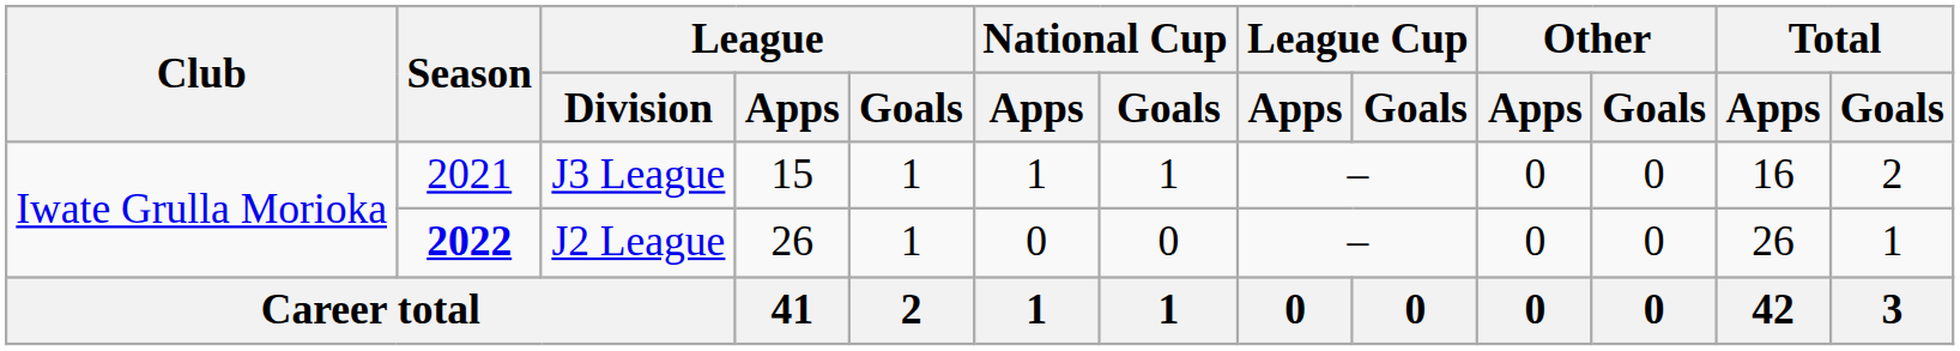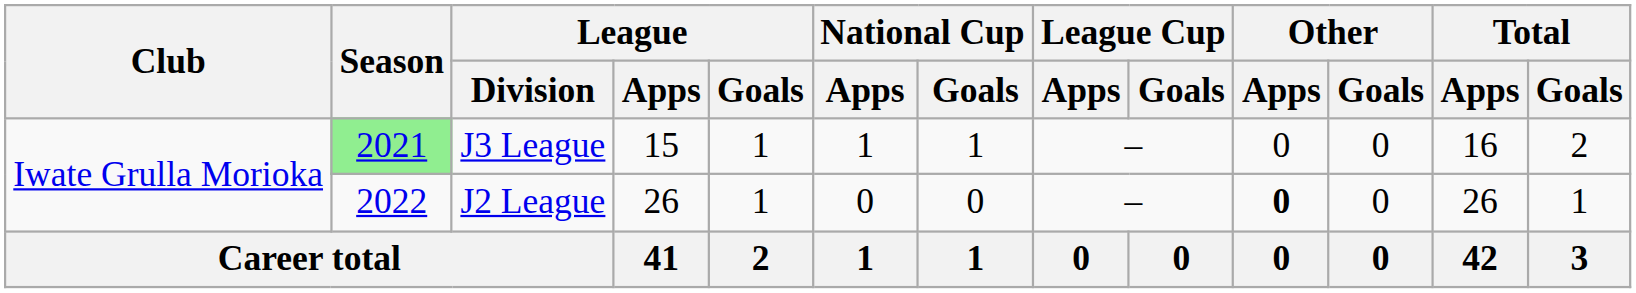 <table class="wikitable" style="text-align: center">
 <tr>
 <th rowspan="2">Club</th>
 <th rowspan="2">Season</th>
 <th colspan="3">League</th>
 <th colspan="2">National Cup</th>
 <th colspan="2">League Cup</th>
 <th colspan="2">Other</th>
 <th colspan="2">Total</th>
 </tr>
 <tr>
 <th>Division</th>
 <th>Apps</th>
 <th>Goals</th>
 <th>Apps</th>
 <th>Goals</th>
 <th>Apps</th>
 <th>Goals</th>
 <th>Apps</th>
 <th>Goals</th>
 <th>Apps</th>
 <th>Goals</th>
 </tr>
 <tr>
 <td rowspan=2><a href='#'>Iwate Grulla Morioka</a></td>
-<td><a href='#'>2021</a></td>
+<td style="background: lightgreen;"><a href='#'>2021</a></td>
 <td><a href='#'>J3 League</a></td>
 <td>15</td>
 <td>1</td>
 <td>1</td>
 <td>1</td>
 <td colspan="2">–</td>
 <td>0</td>
 <td>0</td>
 <td>16</td>
 <td>2</td>
 </tr>
 <tr>
-<td><strong><a href='#'>2022</a></strong></td>
+<td><a href='#'>2022</a></td>
 <td><a href='#'>J2 League</a></td>
 <td>26</td>
 <td>1</td>
 <td>0</td>
 <td>0</td>
 <td colspan="2">–</td>
-<td>0</td>
+<td><strong>0</strong></td>
 <td>0</td>
 <td>26</td>
 <td>1</td>
 </tr>
 <tr>
 <th colspan="3"><strong>Career total</strong></th>
 <th>41</th>
 <th>2</th>
 <th>1</th>
 <th>1</th>
 <th>0</th>
 <th>0</th>
 <th>0</th>
 <th>0</th>
 <th>42</th>
 <th>3</th>
 </tr>
 </table>
